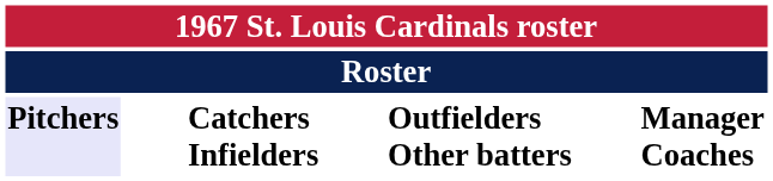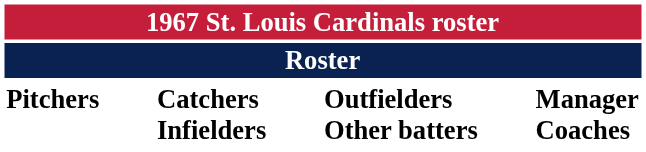 <table class="toccolours" style="font-size: 95%;">
 <tr>
 <th colspan="10" style="background-color: #c41e3a; color: white; text-align: center;">1967 St. Louis Cardinals roster</th>
 </tr>
 <tr>
 <td colspan="10" style="background-color: #0a2252; color: white; text-align: center;"><strong>Roster</strong></td>
 </tr>
 <tr>
-<td valign="top" style="background: lavender;"><strong>Pitchers</strong><br>            </td>
+<td valign="top"><strong>Pitchers</strong><br>            </td>
 <td width="25px"></td>
 <td valign="top"><strong>Catchers</strong><br>   <strong>Infielders</strong>         </td>
 <td width="25px"></td>
 <td valign="top"><strong>Outfielders</strong><br>     <strong>Other batters</strong> </td>
 <td width="25px"></td>
 <td valign="top"><strong>Manager</strong><br> <strong>Coaches</strong>    </td>
 </tr>
 </table>
